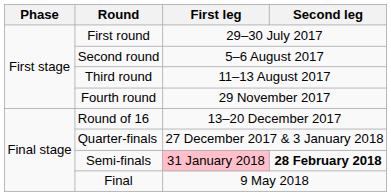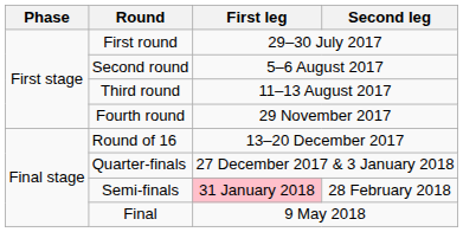 <table class="wikitable" border="1">
 <tr>
 <th>Phase</th>
 <th>Round</th>
 <th>First leg</th>
 <th>Second leg</th>
 </tr>
 <tr>
 <td rowspan=4 align=center>First stage</td>
 <td align="center">First round</td>
 <td colspan=2 align=center>29–30 July 2017</td>
 </tr>
 <tr>
 <td align=center>Second round</td>
 <td colspan=2 align=center>5–6 August 2017</td>
 </tr>
 <tr>
 <td align=center>Third round</td>
 <td colspan=2 align=center>11–13 August 2017</td>
 </tr>
 <tr>
 <td align="center">Fourth round</td>
 <td colspan=2 align=center>29 November 2017</td>
 </tr>
 <tr>
 <td rowspan=4 align=center>Final stage</td>
 <td>Round of 16</td>
 <td colspan=2 align=center>13–20 December 2017</td>
 </tr>
 <tr>
 <td>Quarter-finals</td>
 <td colspan=2 align=center>27 December 2017 & 3 January 2018</td>
 </tr>
 <tr>
 <td align=center>Semi-finals</td>
 <td align=center style="background: pink;">31 January 2018</td>
-<td align=center><strong>28 February 2018</strong></td>
+<td align=center>28 February 2018</td>
 </tr>
 <tr>
 <td align=center>Final</td>
 <td colspan=2 align=center>9 May 2018</td>
 </tr>
 </table>
